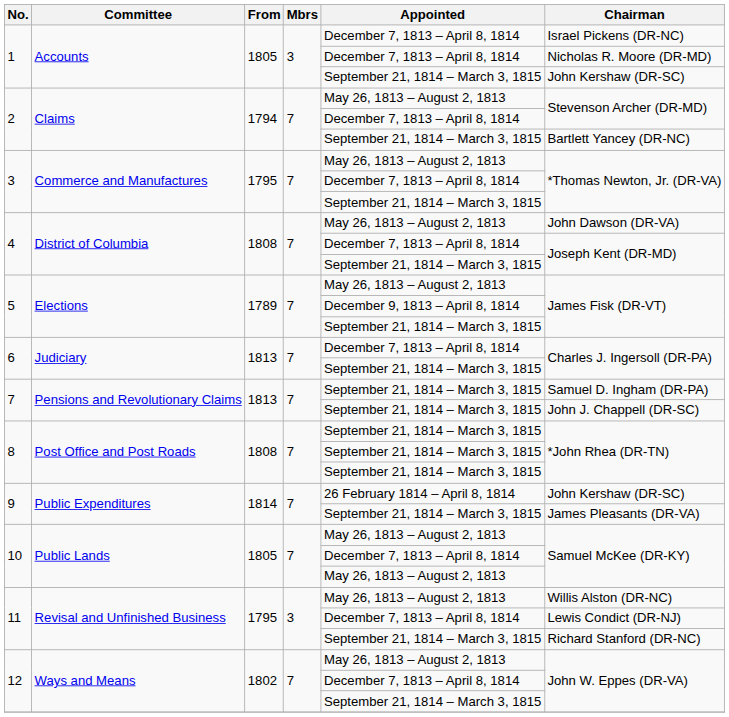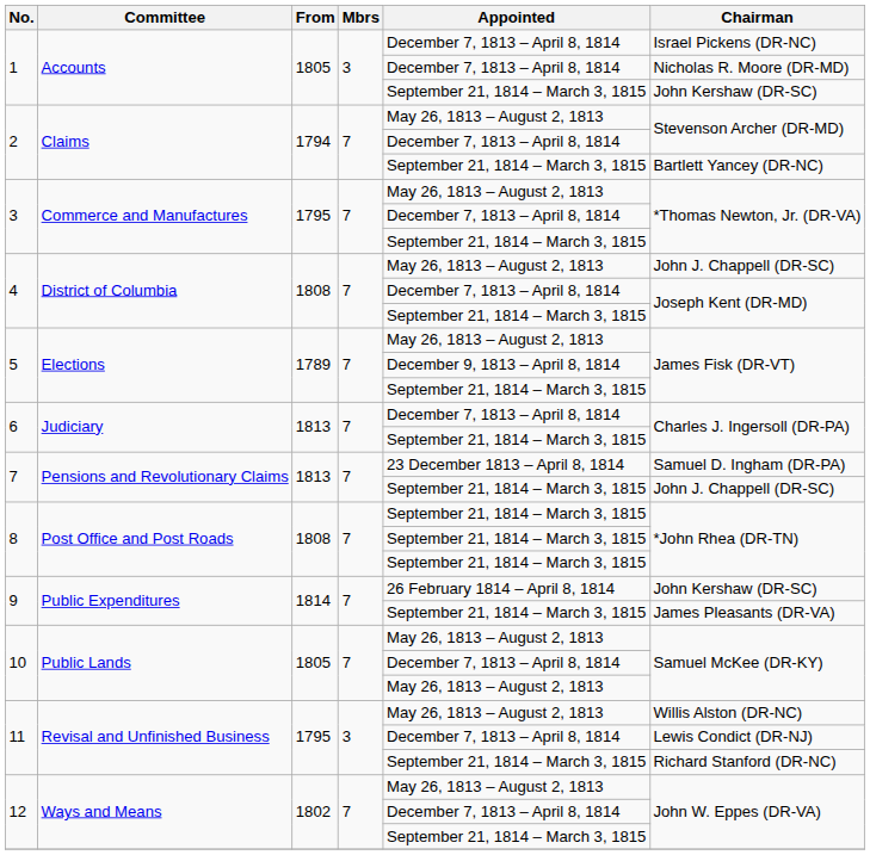 <table class="wikitable">
 <tr valign=bottom>
 <th>No.</th>
 <th>Committee</th>
 <th>From</th>
 <th>Mbrs</th>
 <th>Appointed</th>
 <th>Chairman</th>
 </tr>
 <tr>
 <td rowspan=3>1</td>
 <td rowspan=3><a href='#'>Accounts</a></td>
 <td rowspan=3>1805</td>
 <td rowspan=3>3</td>
 <td>December 7, 1813 – April 8, 1814</td>
 <td>Israel Pickens (DR-NC)</td>
 </tr>
 <tr>
 <td>December 7, 1813 – April 8, 1814</td>
 <td>Nicholas R. Moore (DR-MD)</td>
 </tr>
 <tr>
 <td>September 21, 1814 – March 3, 1815</td>
 <td>John Kershaw (DR-SC)</td>
 </tr>
 <tr>
 <td rowspan=3>2</td>
 <td rowspan=3><a href='#'>Claims</a></td>
 <td rowspan=3>1794</td>
 <td rowspan=3>7</td>
 <td>May 26, 1813 – August 2, 1813</td>
 <td rowspan=2>Stevenson Archer (DR-MD)</td>
 </tr>
 <tr>
 <td>December 7, 1813 – April 8, 1814</td>
 </tr>
 <tr>
 <td>September 21, 1814 – March 3, 1815</td>
 <td>Bartlett Yancey (DR-NC)</td>
 </tr>
 <tr>
 <td rowspan=3>3</td>
 <td rowspan=3><a href='#'>Commerce and Manufactures</a></td>
 <td rowspan=3>1795</td>
 <td rowspan=3>7</td>
 <td>May 26, 1813 – August 2, 1813</td>
 <td rowspan=3>*Thomas Newton, Jr. (DR-VA)</td>
 </tr>
 <tr>
 <td>December 7, 1813 – April 8, 1814</td>
 </tr>
 <tr>
 <td>September 21, 1814 – March 3, 1815</td>
 </tr>
 <tr>
 <td rowspan=3>4</td>
 <td rowspan=3><a href='#'>District of Columbia</a></td>
 <td rowspan=3>1808</td>
 <td rowspan=3>7</td>
 <td>May 26, 1813 – August 2, 1813</td>
-<td>John Dawson (DR-VA)</td>
+<td>John J. Chappell (DR-SC)</td>
 </tr>
 <tr>
 <td>December 7, 1813 – April 8, 1814</td>
 <td rowspan=2>Joseph Kent (DR-MD)</td>
 </tr>
 <tr>
 <td>September 21, 1814 – March 3, 1815</td>
 </tr>
 <tr>
 <td rowspan=3>5</td>
 <td rowspan=3><a href='#'>Elections</a></td>
 <td rowspan=3>1789</td>
 <td rowspan=3>7</td>
 <td>May 26, 1813 – August 2, 1813</td>
 <td rowspan=3>James Fisk (DR-VT)</td>
 </tr>
 <tr>
 <td>December 9, 1813 – April 8, 1814</td>
 </tr>
 <tr>
 <td>September 21, 1814 – March 3, 1815</td>
 </tr>
 <tr>
 <td rowspan=2>6</td>
 <td rowspan=2><a href='#'>Judiciary</a></td>
 <td rowspan=2>1813</td>
 <td rowspan=2>7</td>
 <td>December 7, 1813 – April 8, 1814</td>
 <td rowspan=2>Charles J. Ingersoll (DR-PA)</td>
 </tr>
 <tr>
 <td>September 21, 1814 – March 3, 1815</td>
 </tr>
 <tr>
 <td rowspan=2>7</td>
 <td rowspan=2><a href='#'>Pensions and Revolutionary Claims</a></td>
 <td rowspan=2>1813</td>
 <td rowspan=2>7</td>
-<td>September 21, 1814 – March 3, 1815</td>
+<td>23 December 1813 – April 8, 1814</td>
 <td>Samuel D. Ingham (DR-PA)</td>
 </tr>
 <tr>
 <td>September 21, 1814 – March 3, 1815</td>
 <td>John J. Chappell (DR-SC)</td>
 </tr>
 <tr>
 <td rowspan=3>8</td>
 <td rowspan=3><a href='#'>Post Office and Post Roads</a></td>
 <td rowspan=3>1808</td>
 <td rowspan=3>7</td>
 <td>September 21, 1814 – March 3, 1815</td>
 <td rowspan=3>*John Rhea (DR-TN)</td>
 </tr>
 <tr>
 <td>September 21, 1814 – March 3, 1815</td>
 </tr>
 <tr>
 <td>September 21, 1814 – March 3, 1815</td>
 </tr>
 <tr>
 <td rowspan=2>9</td>
 <td rowspan=2><a href='#'>Public Expenditures</a></td>
 <td rowspan=2>1814</td>
 <td rowspan=2>7</td>
 <td>26 February 1814 – April 8, 1814</td>
 <td>John Kershaw (DR-SC)</td>
 </tr>
 <tr>
 <td>September 21, 1814 – March 3, 1815</td>
 <td>James Pleasants (DR-VA)</td>
 </tr>
 <tr>
 <td rowspan=3>10</td>
 <td rowspan=3><a href='#'>Public Lands</a></td>
 <td rowspan=3>1805</td>
 <td rowspan=3>7</td>
 <td>May 26, 1813 – August 2, 1813</td>
 <td rowspan=3>Samuel McKee (DR-KY)</td>
 </tr>
 <tr>
 <td>December 7, 1813 – April 8, 1814</td>
 </tr>
 <tr>
 <td>May 26, 1813 – August 2, 1813</td>
 </tr>
 <tr>
 <td rowspan=3>11</td>
 <td rowspan=3><a href='#'>Revisal and Unfinished Business</a></td>
 <td rowspan=3>1795</td>
 <td rowspan=3>3</td>
 <td>May 26, 1813 – August 2, 1813</td>
 <td>Willis Alston (DR-NC)</td>
 </tr>
 <tr>
 <td>December 7, 1813 – April 8, 1814</td>
 <td>Lewis Condict (DR-NJ)</td>
 </tr>
 <tr>
 <td>September 21, 1814 – March 3, 1815</td>
 <td>Richard Stanford (DR-NC)</td>
 </tr>
 <tr>
 <td rowspan=3>12</td>
 <td rowspan=3><a href='#'>Ways and Means</a></td>
 <td rowspan=3>1802</td>
 <td rowspan=3>7</td>
 <td>May 26, 1813 – August 2, 1813</td>
 <td rowspan=3>John W. Eppes (DR-VA)</td>
 </tr>
 <tr>
 <td>December 7, 1813 – April 8, 1814</td>
 </tr>
 <tr>
 <td>September 21, 1814 – March 3, 1815</td>
 </tr>
 <tr>
 </tr>
 </table>
